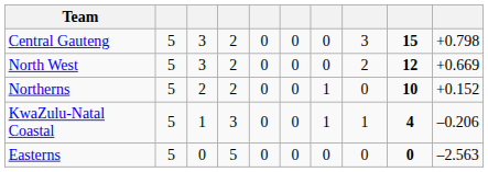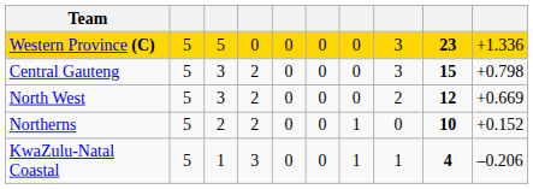 <table class="wikitable" style="text-align:center">
 <tr>
 <th width="150">Team</th>
 <th width="25"></th>
 <th width="25"></th>
 <th width="25"></th>
 <th width="25"></th>
 <th width="25"></th>
 <th width="25"></th>
 <th width="40"></th>
 <th width="40"></th>
 <th width="45"></th>
+</tr>
+<tr style="background:gold">
+<td style="text-align:left"><a href='#'>Western Province</a> <strong>(C)</strong></td>
+<td>5</td>
+<td>5</td>
+<td>0</td>
+<td>0</td>
+<td>0</td>
+<td>0</td>
+<td>3</td>
+<td><strong>23</strong></td>
+<td>+1.336</td>
 </tr>
 <tr>
 <td style="text-align:left"><a href='#'>Central Gauteng</a></td>
 <td>5</td>
 <td>3</td>
 <td>2</td>
 <td>0</td>
 <td>0</td>
 <td>0</td>
 <td>3</td>
 <td><strong>15</strong></td>
 <td>+0.798</td>
 </tr>
 <tr>
 <td style="text-align:left"><a href='#'>North West</a></td>
 <td>5</td>
 <td>3</td>
 <td>2</td>
 <td>0</td>
 <td>0</td>
 <td>0</td>
 <td>2</td>
 <td><strong>12</strong></td>
 <td>+0.669</td>
 </tr>
 <tr>
 <td style="text-align:left"><a href='#'>Northerns</a></td>
 <td>5</td>
 <td>2</td>
 <td>2</td>
 <td>0</td>
 <td>0</td>
 <td>1</td>
 <td>0</td>
 <td><strong>10</strong></td>
 <td>+0.152</td>
 </tr>
 <tr>
 <td style="text-align:left"><a href='#'>KwaZulu-Natal Coastal</a></td>
 <td>5</td>
 <td>1</td>
 <td>3</td>
 <td>0</td>
 <td>0</td>
 <td>1</td>
 <td>1</td>
 <td><strong>4</strong></td>
 <td>–0.206</td>
 </tr>
-<tr>
-<td style="text-align:left"><a href='#'>Easterns</a></td>
-<td>5</td>
-<td>0</td>
-<td>5</td>
-<td>0</td>
-<td>0</td>
-<td>0</td>
-<td>0</td>
-<td><strong>0</strong></td>
-<td>–2.563</td>
-</tr>
 </table>
